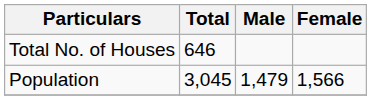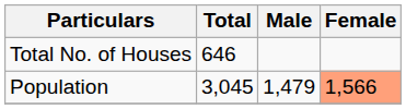 <table class="wikitable sortable">
 <tr>
 <th>Particulars</th>
 <th>Total</th>
 <th>Male</th>
 <th>Female</th>
 </tr>
 <tr>
 <td>Total No. of Houses</td>
 <td>646</td>
 <td></td>
 <td></td>
 </tr>
 <tr>
 <td>Population</td>
 <td>3,045</td>
 <td>1,479</td>
-<td>1,566</td>
+<td style="background: lightsalmon;">1,566</td>
 </tr>
 <tr>
 </tr>
 </table>
